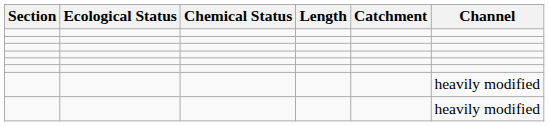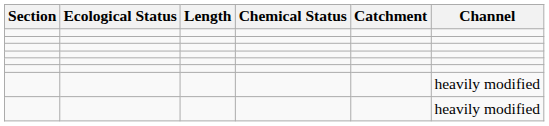 <table class="wikitable">
 <tr>
 <th>Section</th>
 <th>Ecological Status</th>
+<th>Length</th>
 <th>Chemical Status</th>
-<th>Length</th>
 <th>Catchment</th>
 <th>Channel</th>
 </tr>
 <tr>
 <td></td>
 <td></td>
 <td></td>
 <td></td>
 <td></td>
 <td></td>
 </tr>
 <tr>
 <td></td>
 <td></td>
 <td></td>
 <td></td>
 <td></td>
 <td></td>
 </tr>
 <tr>
 <td></td>
 <td></td>
 <td></td>
 <td></td>
 <td></td>
 <td></td>
 </tr>
 <tr>
 <td></td>
 <td></td>
 <td></td>
 <td></td>
 <td></td>
 <td></td>
 </tr>
 <tr>
 <td></td>
 <td></td>
 <td></td>
 <td></td>
 <td></td>
 <td></td>
 </tr>
 <tr>
 <td></td>
 <td></td>
 <td></td>
 <td></td>
 <td></td>
 <td></td>
 </tr>
 <tr>
 <td></td>
 <td></td>
 <td></td>
 <td></td>
 <td></td>
 <td>heavily modified</td>
 </tr>
 <tr>
 <td></td>
 <td></td>
 <td></td>
 <td></td>
 <td></td>
 <td>heavily modified</td>
 </tr>
 </table>
